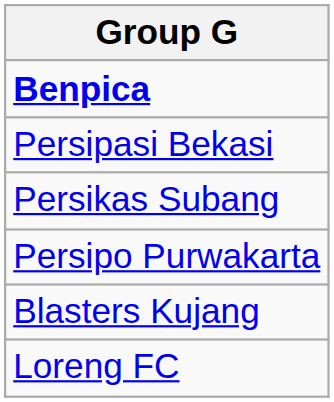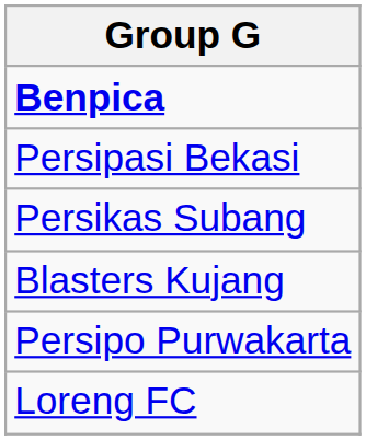 <table class="wikitable">
 <tr>
 <th><strong>Group G</strong></th>
 </tr>
 <tr>
 <td><strong><a href='#'>Benpica</a></strong></td>
 </tr>
 <tr>
 <td><a href='#'>Persipasi Bekasi</a></td>
 </tr>
 <tr>
 <td><a href='#'>Persikas Subang</a></td>
 </tr>
 <tr>
-<td><a href='#'>Persipo Purwakarta</a></td>
+<td><a href='#'>Blasters Kujang</a></td>
 </tr>
 <tr>
-<td><a href='#'>Blasters Kujang</a></td>
+<td><a href='#'>Persipo Purwakarta</a></td>
 </tr>
 <tr>
 <td><a href='#'>Loreng FC</a></td>
 </tr>
 </table>
